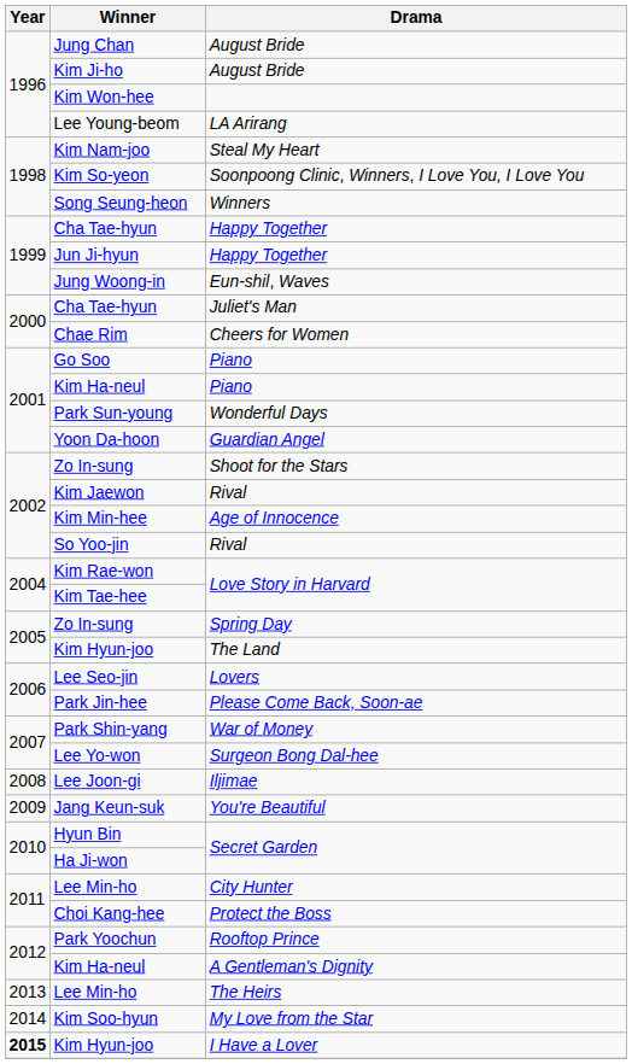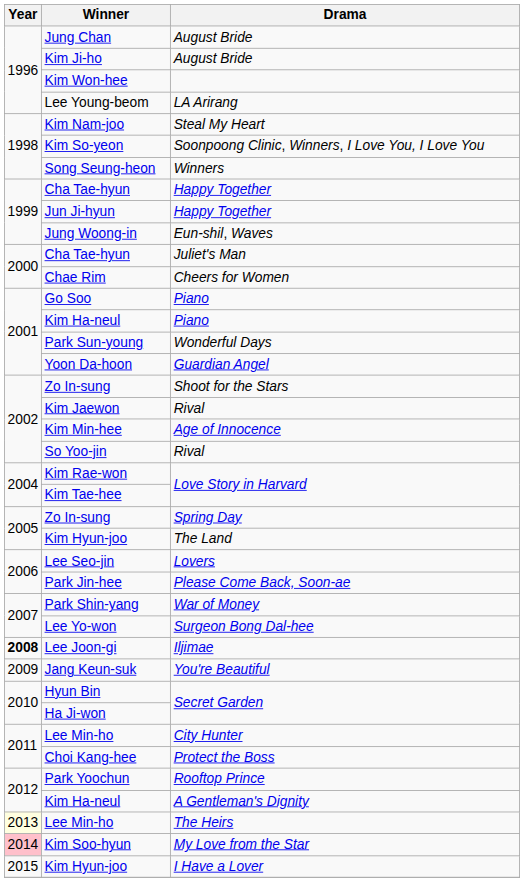 <table class="wikitable" style="width:600px">
 <tr>
 <th width=10>Year</th>
 <th>Winner</th>
 <th>Drama</th>
 </tr>
 <tr>
 <td rowspan=4>1996</td>
 <td><a href='#'>Jung Chan</a></td>
 <td><em>August Bride</em></td>
 </tr>
 <tr>
 <td><a href='#'>Kim Ji-ho</a></td>
 <td><em>August Bride</em></td>
 </tr>
 <tr>
 <td><a href='#'>Kim Won-hee</a></td>
 <td></td>
 </tr>
 <tr>
 <td>Lee Young-beom</td>
 <td><em>LA Arirang</em></td>
 </tr>
 <tr>
 <td rowspan=3>1998</td>
 <td><a href='#'>Kim Nam-joo</a></td>
 <td><em>Steal My Heart</em></td>
 </tr>
 <tr>
 <td><a href='#'>Kim So-yeon</a></td>
 <td><em>Soonpoong Clinic</em>, <em>Winners</em>, <em>I Love You, I Love You</em></td>
 </tr>
 <tr>
 <td><a href='#'>Song Seung-heon</a></td>
 <td><em>Winners</em></td>
 </tr>
 <tr>
 <td rowspan=3>1999</td>
 <td><a href='#'>Cha Tae-hyun</a></td>
 <td><em><a href='#'>Happy Together</a></em></td>
 </tr>
 <tr>
 <td><a href='#'>Jun Ji-hyun</a></td>
 <td><em><a href='#'>Happy Together</a></em></td>
 </tr>
 <tr>
 <td><a href='#'>Jung Woong-in</a></td>
 <td><em>Eun-shil</em>, <em>Waves</em></td>
 </tr>
 <tr>
 <td rowspan=2>2000</td>
 <td><a href='#'>Cha Tae-hyun</a></td>
 <td><em>Juliet's Man</em></td>
 </tr>
 <tr>
 <td><a href='#'>Chae Rim</a></td>
 <td><em>Cheers for Women</em></td>
 </tr>
 <tr>
 <td rowspan=4>2001</td>
 <td><a href='#'>Go Soo</a></td>
 <td><em><a href='#'>Piano</a></em></td>
 </tr>
 <tr>
 <td><a href='#'>Kim Ha-neul</a></td>
 <td><em><a href='#'>Piano</a></em></td>
 </tr>
 <tr>
 <td><a href='#'>Park Sun-young</a></td>
 <td><em>Wonderful Days</em></td>
 </tr>
 <tr>
 <td><a href='#'>Yoon Da-hoon</a></td>
 <td><em><a href='#'>Guardian Angel</a></em></td>
 </tr>
 <tr>
 <td rowspan=4>2002</td>
 <td><a href='#'>Zo In-sung</a></td>
 <td><em>Shoot for the Stars</em></td>
 </tr>
 <tr>
 <td><a href='#'>Kim Jaewon</a></td>
 <td><em>Rival</em></td>
 </tr>
 <tr>
 <td><a href='#'>Kim Min-hee</a></td>
 <td><em><a href='#'>Age of Innocence</a></em></td>
 </tr>
 <tr>
 <td><a href='#'>So Yoo-jin</a></td>
 <td><em>Rival</em></td>
 </tr>
 <tr>
 <td rowspan=2>2004</td>
 <td><a href='#'>Kim Rae-won</a></td>
 <td rowspan=2><em><a href='#'>Love Story in Harvard</a></em></td>
 </tr>
 <tr>
 <td><a href='#'>Kim Tae-hee</a></td>
 </tr>
 <tr>
 <td rowspan=2>2005</td>
 <td><a href='#'>Zo In-sung</a></td>
 <td><em><a href='#'>Spring Day</a></em></td>
 </tr>
 <tr>
 <td><a href='#'>Kim Hyun-joo</a></td>
 <td><em>The Land</em></td>
 </tr>
 <tr>
 <td rowspan=2>2006</td>
 <td><a href='#'>Lee Seo-jin</a></td>
 <td><em><a href='#'>Lovers</a></em></td>
 </tr>
 <tr>
 <td><a href='#'>Park Jin-hee</a></td>
 <td><em><a href='#'>Please Come Back, Soon-ae</a></em></td>
 </tr>
 <tr>
 <td rowspan=2>2007</td>
 <td><a href='#'>Park Shin-yang</a></td>
 <td><em><a href='#'>War of Money</a></em></td>
 </tr>
 <tr>
 <td><a href='#'>Lee Yo-won</a></td>
 <td><em><a href='#'>Surgeon Bong Dal-hee</a></em></td>
 </tr>
 <tr>
-<td>2008</td>
+<td><strong>2008</strong></td>
 <td><a href='#'>Lee Joon-gi</a></td>
 <td><em><a href='#'>Iljimae</a></em></td>
 </tr>
 <tr>
 <td>2009</td>
 <td><a href='#'>Jang Keun-suk</a></td>
 <td><em><a href='#'>You're Beautiful</a></em></td>
 </tr>
 <tr>
 <td rowspan=2>2010</td>
 <td><a href='#'>Hyun Bin</a></td>
 <td rowspan=2><em><a href='#'>Secret Garden</a></em></td>
 </tr>
 <tr>
 <td><a href='#'>Ha Ji-won</a></td>
 </tr>
 <tr>
 <td rowspan=2>2011</td>
 <td><a href='#'>Lee Min-ho</a></td>
 <td><em><a href='#'>City Hunter</a></em></td>
 </tr>
 <tr>
 <td><a href='#'>Choi Kang-hee</a></td>
 <td><em><a href='#'>Protect the Boss</a></em></td>
 </tr>
 <tr>
 <td rowspan=2>2012</td>
 <td><a href='#'>Park Yoochun</a></td>
 <td><em><a href='#'>Rooftop Prince</a></em></td>
 </tr>
 <tr>
 <td><a href='#'>Kim Ha-neul</a></td>
 <td><em><a href='#'>A Gentleman's Dignity</a></em></td>
 </tr>
 <tr>
-<td>2013</td>
+<td style="background: lightyellow;">2013</td>
 <td><a href='#'>Lee Min-ho</a></td>
 <td><em><a href='#'>The Heirs</a></em></td>
 </tr>
 <tr>
-<td>2014</td>
+<td style="background: pink;">2014</td>
 <td><a href='#'>Kim Soo-hyun</a></td>
 <td><em><a href='#'>My Love from the Star</a></em></td>
 </tr>
 <tr>
-<td><strong>2015</strong></td>
+<td>2015</td>
 <td><a href='#'>Kim Hyun-joo</a></td>
 <td><em><a href='#'>I Have a Lover</a></em></td>
 </tr>
 <tr>
 </tr>
 </table>
